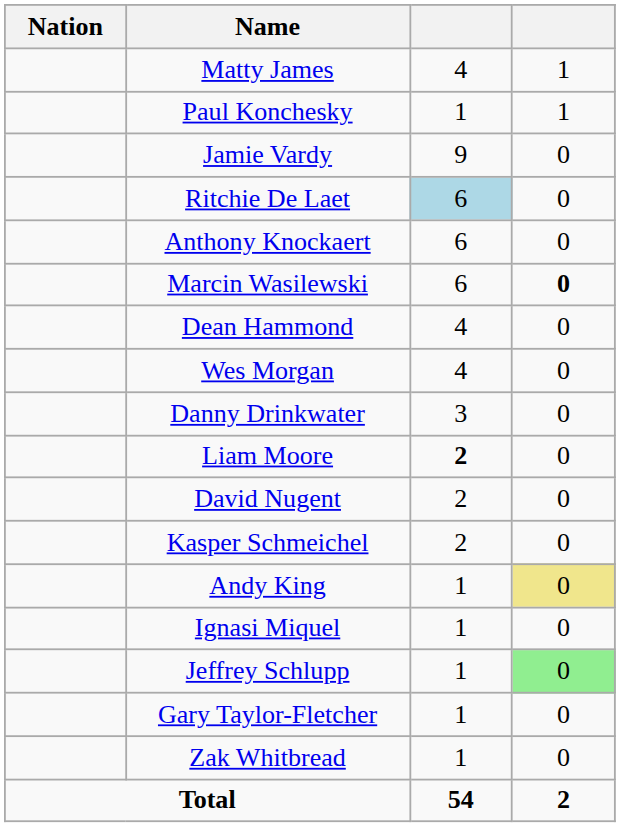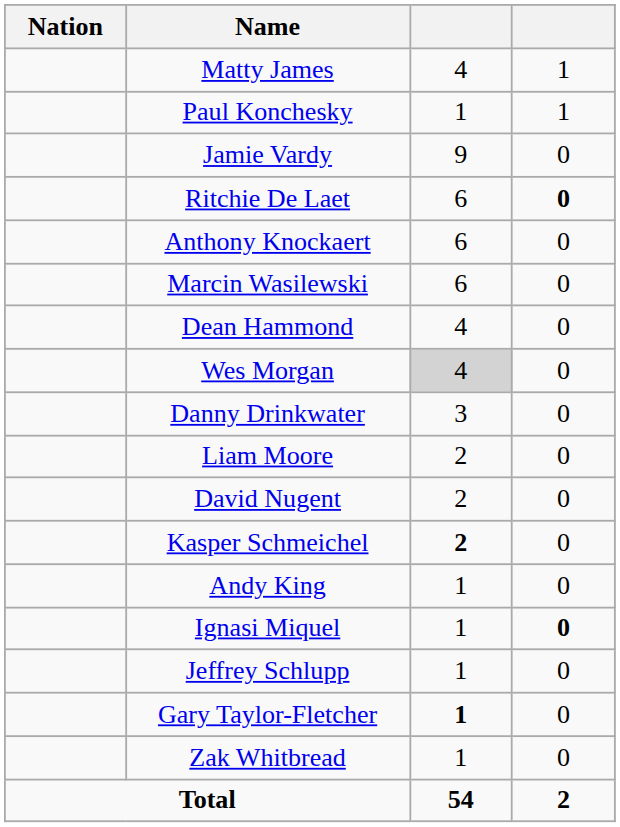 <table class="wikitable" style="font-size: 90%; text-align: center">
 <tr>
 <th width=60>Nation</th>
 <th width=150>Name</th>
 <th width=50></th>
 <th width=50></th>
 </tr>
 <tr>
 <td></td>
 <td><a href='#'>Matty James</a></td>
 <td>4</td>
 <td>1</td>
 </tr>
 <tr>
 <td></td>
 <td><a href='#'>Paul Konchesky</a></td>
 <td>1</td>
 <td>1</td>
 </tr>
 <tr>
 <td></td>
 <td><a href='#'>Jamie Vardy</a></td>
 <td>9</td>
 <td>0</td>
 </tr>
 <tr>
 <td></td>
 <td><a href='#'>Ritchie De Laet</a></td>
-<td style="background: lightblue;">6</td>
-<td>0</td>
+<td>6</td>
+<td><strong>0</strong></td>
 </tr>
 <tr>
 <td></td>
 <td><a href='#'>Anthony Knockaert</a></td>
 <td>6</td>
 <td>0</td>
 </tr>
 <tr>
 <td></td>
 <td><a href='#'>Marcin Wasilewski</a></td>
 <td>6</td>
-<td><strong>0</strong></td>
+<td>0</td>
 </tr>
 <tr>
 <td></td>
 <td><a href='#'>Dean Hammond</a></td>
 <td>4</td>
 <td>0</td>
 </tr>
 <tr>
 <td></td>
 <td><a href='#'>Wes Morgan</a></td>
-<td>4</td>
+<td style="background: lightgrey;">4</td>
 <td>0</td>
 </tr>
 <tr>
 <td></td>
 <td><a href='#'>Danny Drinkwater</a></td>
 <td>3</td>
 <td>0</td>
 </tr>
 <tr>
 <td></td>
 <td><a href='#'>Liam Moore</a></td>
-<td><strong>2</strong></td>
+<td>2</td>
 <td>0</td>
 </tr>
 <tr>
 <td></td>
 <td><a href='#'>David Nugent</a></td>
 <td>2</td>
 <td>0</td>
 </tr>
 <tr>
 <td></td>
 <td><a href='#'>Kasper Schmeichel</a></td>
-<td>2</td>
+<td><strong>2</strong></td>
 <td>0</td>
 </tr>
 <tr>
 <td></td>
 <td><a href='#'>Andy King</a></td>
 <td>1</td>
-<td style="background: khaki;">0</td>
+<td>0</td>
 </tr>
 <tr>
 <td></td>
 <td><a href='#'>Ignasi Miquel</a></td>
 <td>1</td>
-<td>0</td>
+<td><strong>0</strong></td>
 </tr>
 <tr>
 <td></td>
 <td><a href='#'>Jeffrey Schlupp</a></td>
 <td>1</td>
-<td style="background: lightgreen;">0</td>
+<td>0</td>
 </tr>
 <tr>
 <td></td>
 <td><a href='#'>Gary Taylor-Fletcher</a></td>
-<td>1</td>
+<td><strong>1</strong></td>
 <td>0</td>
 </tr>
 <tr>
 <td></td>
 <td><a href='#'>Zak Whitbread</a></td>
 <td>1</td>
 <td>0</td>
 </tr>
 <tr>
 <td colspan="2"><strong>Total</strong></td>
 <td><strong>54</strong></td>
 <td><strong>2</strong></td>
 </tr>
 </table>
